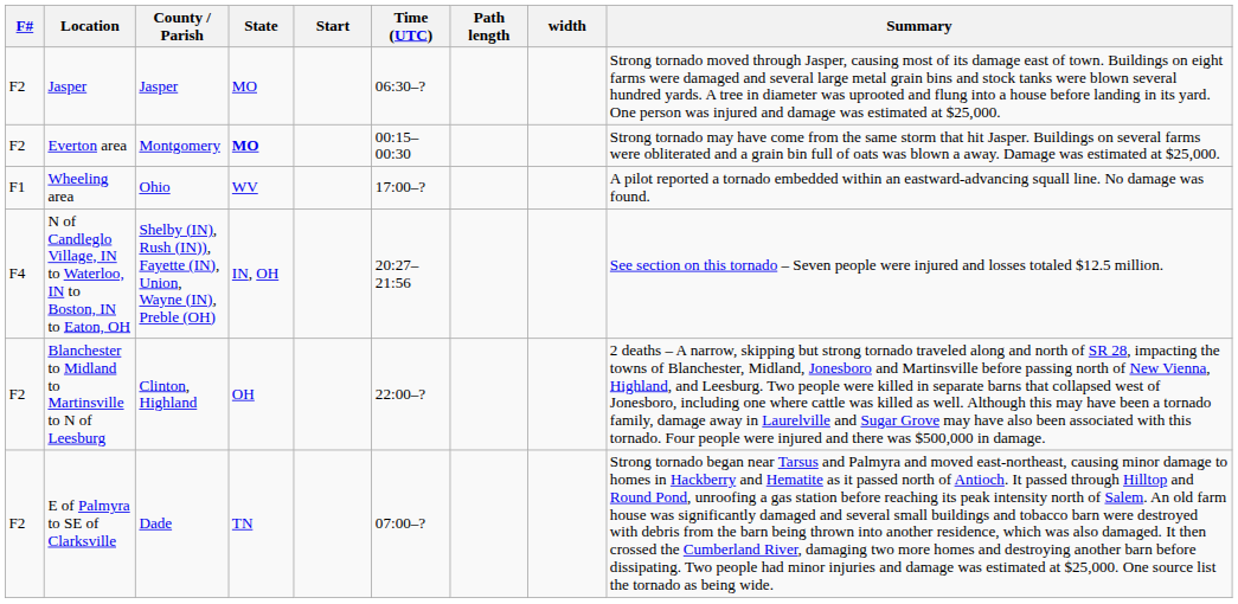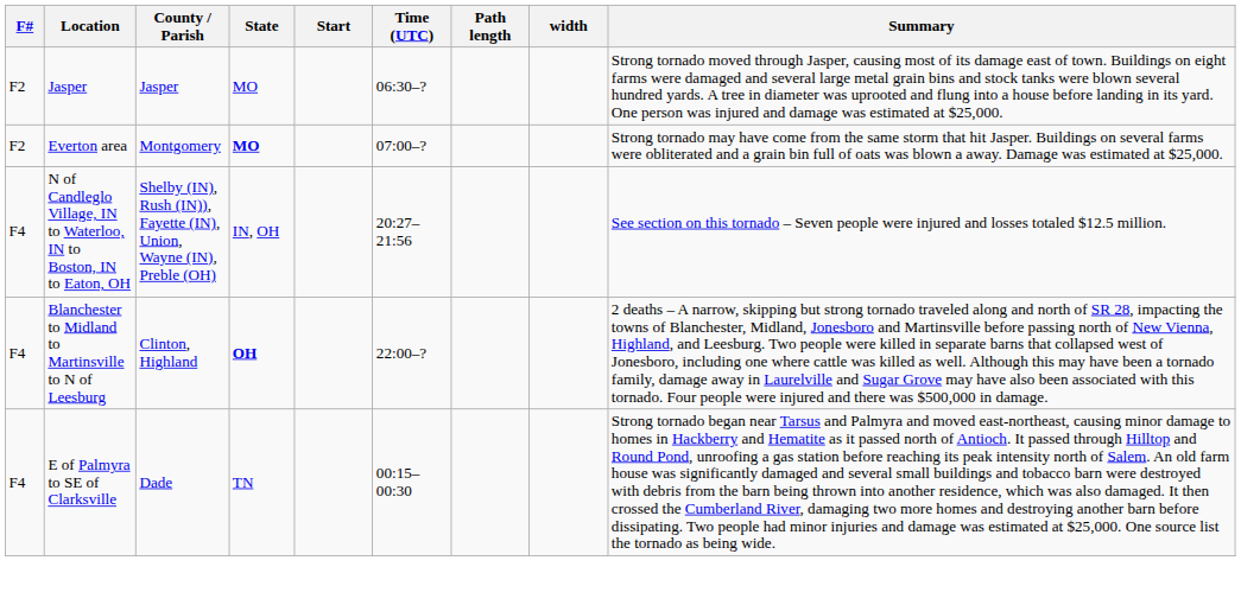 <table class="wikitable sortable" style="width:100%;">
 <tr>
 <th scope="col"  style="width:3%; text-align:center;"><a href='#'>F#</a></th>
 <th scope="col"  style="width:7%; text-align:center;" class="unsortable">Location</th>
 <th scope="col"  style="width:6%; text-align:center;" class="unsortable">County / Parish</th>
 <th scope="col"  style="width:5%; text-align:center;">State</th>
 <th scope="col"  style="width:6%; text-align:center;">Start<br></th>
 <th scope="col"  style="width:6%; text-align:center;">Time (<a href='#'>UTC</a>)</th>
 <th scope="col"  style="width:6%; text-align:center;">Path length</th>
 <th scope="col"  style="width:6%; text-align:center;"> width</th>
 <th scope="col" class="unsortable" style="width:48%; text-align:center;">Summary</th>
 </tr>
 <tr>
 <td>F2</td>
 <td><a href='#'>Jasper</a></td>
 <td><a href='#'>Jasper</a></td>
 <td><a href='#'>MO</a></td>
 <td></td>
 <td>06:30–?</td>
 <td></td>
 <td></td>
 <td>Strong tornado moved through Jasper, causing most of its damage east of town. Buildings on eight farms were damaged and several large metal grain bins and stock tanks were blown several hundred yards. A tree  in diameter was uprooted and flung into a house before landing in its yard. One person was injured and damage was estimated at $25,000.</td>
 </tr>
 <tr>
 <td>F2</td>
 <td><a href='#'>Everton</a> area</td>
 <td><a href='#'>Montgomery</a></td>
 <td><strong><a href='#'>MO</a></strong></td>
 <td></td>
-<td>00:15–00:30</td>
+<td>07:00–?</td>
 <td></td>
 <td></td>
 <td>Strong tornado may have come from the same storm that hit Jasper. Buildings on several farms were obliterated and a grain bin full of oats was blown a  away. Damage was estimated at $25,000.</td>
-</tr>
-<tr>
-<td>F1</td>
-<td><a href='#'>Wheeling</a> area</td>
-<td><a href='#'>Ohio</a></td>
-<td><a href='#'>WV</a></td>
-<td></td>
-<td>17:00–?</td>
-<td></td>
-<td></td>
-<td>A pilot reported a tornado embedded within an eastward-advancing squall line. No damage was found.</td>
 </tr>
 <tr>
 <td>F4</td>
 <td>N of <a href='#'>Candleglo Village, IN</a> to <a href='#'>Waterloo, IN</a> to <a href='#'>Boston, IN</a> to <a href='#'>Eaton, OH</a></td>
 <td><a href='#'>Shelby (IN)</a>, <a href='#'>Rush (IN))</a>, <a href='#'>Fayette (IN)</a>, <a href='#'>Union</a>, <a href='#'>Wayne (IN)</a>, <a href='#'>Preble (OH)</a></td>
 <td><a href='#'>IN</a>, <a href='#'>OH</a></td>
 <td></td>
 <td>20:27–21:56</td>
 <td></td>
 <td></td>
 <td><a href='#'>See section on this tornado</a> – Seven people were injured and losses totaled $12.5 million.<br><br></td>
 </tr>
 <tr>
-<td>F2</td>
+<td>F4</td>
 <td><a href='#'>Blanchester</a> to <a href='#'>Midland</a> to <a href='#'>Martinsville</a> to N of <a href='#'>Leesburg</a></td>
 <td><a href='#'>Clinton</a>, <a href='#'>Highland</a></td>
-<td><a href='#'>OH</a></td>
+<td><strong><a href='#'>OH</a></strong></td>
 <td></td>
 <td>22:00–?</td>
 <td></td>
 <td></td>
 <td>2 deaths – A narrow, skipping but strong tornado traveled along and north of <a href='#'>SR 28</a>, impacting the towns of Blanchester, Midland, <a href='#'>Jonesboro</a> and Martinsville before passing north of <a href='#'>New Vienna</a>, <a href='#'>Highland</a>, and Leesburg. Two people were killed in separate barns that collapsed west of Jonesboro, including one where cattle was killed as well. Although this may have been a tornado family, damage  away in <a href='#'>Laurelville</a> and <a href='#'>Sugar Grove</a> may have also been associated with this tornado. Four people were injured and there was $500,000 in damage.<br></td>
 </tr>
 <tr>
-<td>F2</td>
+<td>F4</td>
 <td>E of <a href='#'>Palmyra</a> to SE of <a href='#'>Clarksville</a></td>
 <td><a href='#'>Dade</a></td>
 <td><a href='#'>TN</a></td>
 <td></td>
-<td>07:00–?</td>
+<td>00:15–00:30</td>
 <td></td>
 <td></td>
 <td>Strong tornado began near <a href='#'>Tarsus</a> and Palmyra and moved east-northeast, causing minor damage to homes in <a href='#'>Hackberry</a> and <a href='#'>Hematite</a> as it passed north of <a href='#'>Antioch</a>. It passed through <a href='#'>Hilltop</a> and <a href='#'>Round Pond</a>, unroofing a gas station before reaching its peak intensity north of <a href='#'>Salem</a>. An old farm house was significantly damaged and several small buildings and tobacco barn were destroyed with debris from the barn being thrown  into another residence, which was also damaged. It then crossed the <a href='#'>Cumberland River</a>, damaging two more homes and destroying another barn before dissipating. Two people had minor injuries and damage was estimated at $25,000. One source list the tornado as being  wide.</td>
 </tr>
 </table>
